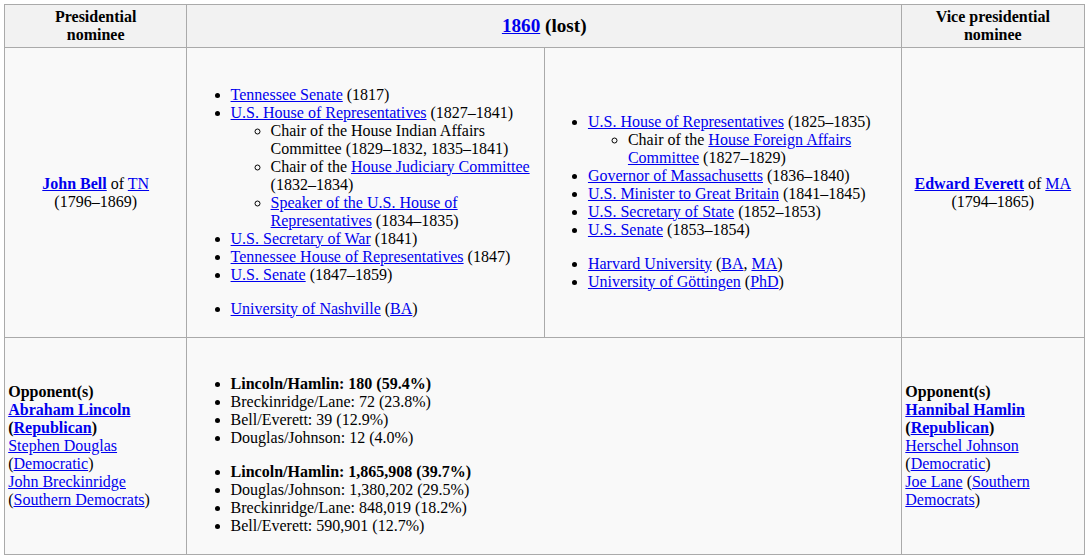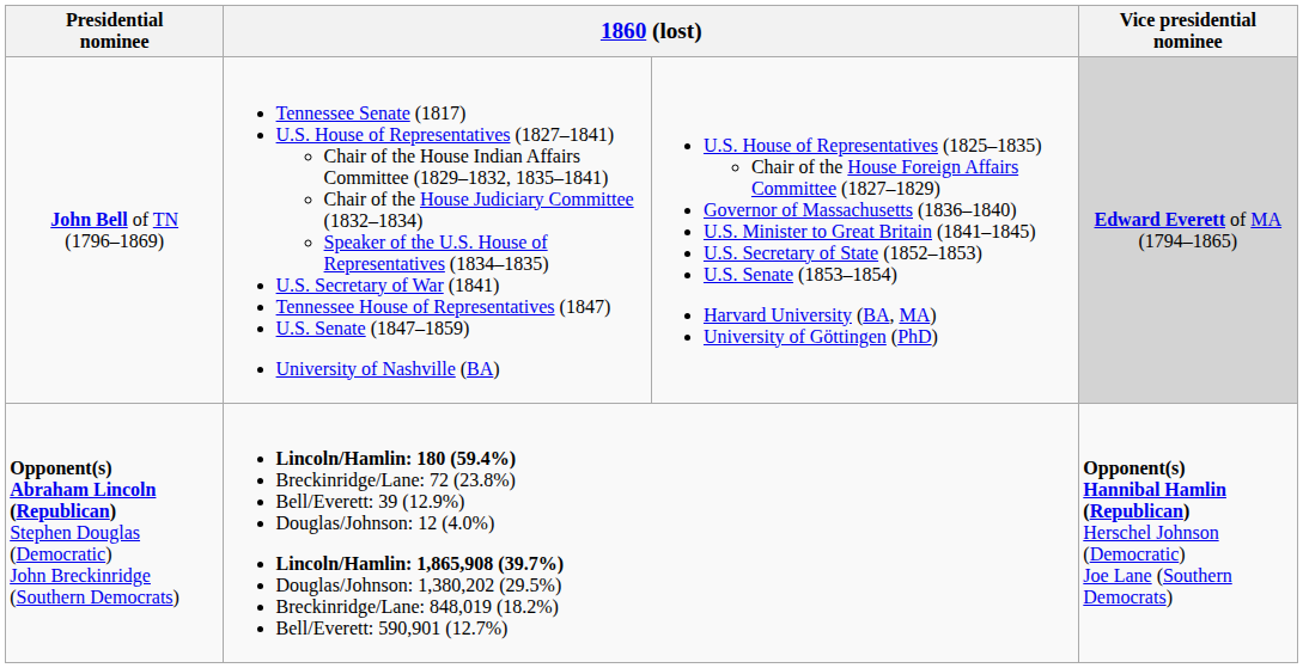 <table class="wikitable">
 <tr>
 <th width=175>Presidential<br>nominee</th>
 <th colspan=2><big><a href='#'>1860</a> (lost)</big></th>
 <th width=175>Vice presidential<br>nominee</th>
 </tr>
 <tr>
 <td style="text-align:center;"><strong><a href='#'>John Bell</a></strong> of <a href='#'>TN</a><br>(1796–1869)<br></td>
 <td width=350><br><ul><li><a href='#'>Tennessee Senate</a> (1817)</li><li><a href='#'>U.S. House of Representatives</a> (1827–1841)<ul><li>Chair of the House Indian Affairs Committee (1829–1832, 1835–1841)</li><li>Chair of the <a href='#'>House Judiciary Committee</a> (1832–1834)</li><li><a href='#'>Speaker of the U.S. House of Representatives</a> (1834–1835)</li></ul></li><li><a href='#'>U.S. Secretary of War</a> (1841)</li><li><a href='#'>Tennessee House of Representatives</a> (1847)</li><li><a href='#'>U.S. Senate</a> (1847–1859)</li></ul><ul><li><a href='#'>University of Nashville</a> (<a href='#'>BA</a>)</li></ul></td>
 <td width=350><br><ul><li><a href='#'>U.S. House of Representatives</a> (1825–1835)<ul><li>Chair of the <a href='#'>House Foreign Affairs Committee</a> (1827–1829)</li></ul></li><li><a href='#'>Governor of Massachusetts</a> (1836–1840)</li><li><a href='#'>U.S. Minister to Great Britain</a> (1841–1845)</li><li><a href='#'>U.S. Secretary of State</a> (1852–1853)</li><li><a href='#'>U.S. Senate</a> (1853–1854)</li></ul><ul><li><a href='#'>Harvard University</a> (<a href='#'>BA</a>, <a href='#'>MA</a>)</li><li><a href='#'>University of Göttingen</a> (<a href='#'>PhD</a>)</li></ul></td>
-<td style="text-align:center;"><strong><a href='#'>Edward Everett</a></strong> of <a href='#'>MA</a><br>(1794–1865)<br></td>
+<td style="background: lightgrey; text-align:center;"><strong><a href='#'>Edward Everett</a></strong> of <a href='#'>MA</a><br>(1794–1865)<br></td>
 </tr>
 <tr>
 <td><strong>Opponent(s)</strong><br><strong><a href='#'>Abraham Lincoln</a> (<a href='#'>Republican</a>)</strong><br><a href='#'>Stephen Douglas</a> (<a href='#'>Democratic</a>)<br><a href='#'>John Breckinridge</a> (<a href='#'>Southern Democrats</a>)</td>
 <td colspan=2><br><ul><li><strong>Lincoln/Hamlin: 180 (59.4%)</strong></li><li>Breckinridge/Lane: 72 (23.8%)</li><li>Bell/Everett: 39 (12.9%)</li><li>Douglas/Johnson: 12 (4.0%)</li></ul><ul><li><strong>Lincoln/Hamlin: 1,865,908 (39.7%)</strong></li><li>Douglas/Johnson: 1,380,202 (29.5%)</li><li>Breckinridge/Lane: 848,019 (18.2%)</li><li>Bell/Everett: 590,901 (12.7%)</li></ul></td>
 <td><strong>Opponent(s)</strong><br><strong><a href='#'>Hannibal Hamlin</a> (<a href='#'>Republican</a>)</strong><br><a href='#'>Herschel Johnson</a> (<a href='#'>Democratic</a>)<br><a href='#'>Joe Lane</a> (<a href='#'>Southern Democrats</a>)</td>
 </tr>
 </table>
